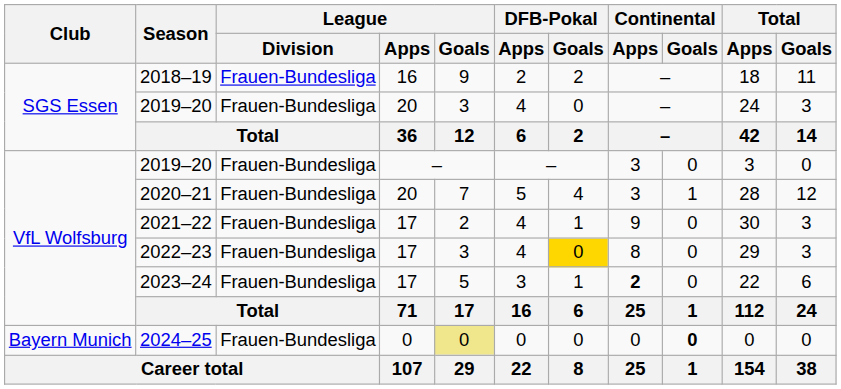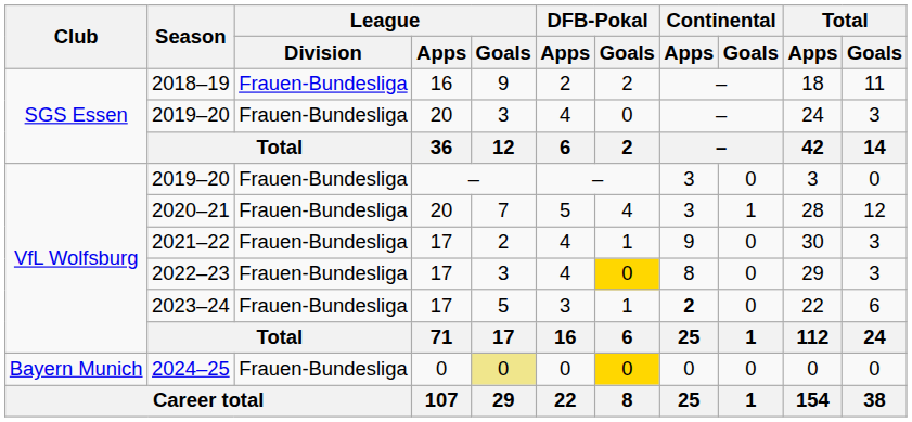 <table class="wikitable" style="text-align:center">
 <tr>
 <th rowspan="2">Club</th>
 <th rowspan="2">Season</th>
 <th colspan="3">League</th>
 <th colspan="2">DFB-Pokal</th>
 <th colspan="2">Continental</th>
 <th colspan="2">Total</th>
 </tr>
 <tr>
 <th>Division</th>
 <th>Apps</th>
 <th>Goals</th>
 <th>Apps</th>
 <th>Goals</th>
 <th>Apps</th>
 <th>Goals</th>
 <th>Apps</th>
 <th>Goals</th>
 </tr>
 <tr>
 <td rowspan="3"><a href='#'>SGS Essen</a></td>
 <td>2018–19</td>
 <td><a href='#'>Frauen-Bundesliga</a></td>
 <td>16</td>
 <td>9</td>
 <td>2</td>
 <td>2</td>
 <td colspan="2">–</td>
 <td>18</td>
 <td>11</td>
 </tr>
 <tr>
 <td>2019–20</td>
 <td>Frauen-Bundesliga</td>
 <td>20</td>
 <td>3</td>
 <td>4</td>
 <td>0</td>
 <td colspan="2">–</td>
 <td>24</td>
 <td>3</td>
 </tr>
 <tr>
 <th colspan="2">Total</th>
 <th>36</th>
 <th>12</th>
 <th>6</th>
 <th>2</th>
 <th colspan="2">–</th>
 <th>42</th>
 <th>14</th>
 </tr>
 <tr>
 <td rowspan="6"><a href='#'>VfL Wolfsburg</a></td>
 <td>2019–20</td>
 <td>Frauen-Bundesliga</td>
 <td colspan="2">–</td>
 <td colspan="2">–</td>
 <td>3</td>
 <td>0</td>
 <td>3</td>
 <td>0</td>
 </tr>
 <tr>
 <td>2020–21</td>
 <td>Frauen-Bundesliga</td>
 <td>20</td>
 <td>7</td>
 <td>5</td>
 <td>4</td>
 <td>3</td>
 <td>1</td>
 <td>28</td>
 <td>12</td>
 </tr>
 <tr>
 <td>2021–22</td>
 <td>Frauen-Bundesliga</td>
 <td>17</td>
 <td>2</td>
 <td>4</td>
 <td>1</td>
 <td>9</td>
 <td>0</td>
 <td>30</td>
 <td>3</td>
 </tr>
 <tr>
 <td>2022–23</td>
 <td>Frauen-Bundesliga</td>
 <td>17</td>
 <td>3</td>
 <td>4</td>
 <td style="background: gold;">0</td>
 <td>8</td>
 <td>0</td>
 <td>29</td>
 <td>3</td>
 </tr>
 <tr>
 <td>2023–24</td>
 <td>Frauen-Bundesliga</td>
 <td>17</td>
 <td>5</td>
 <td>3</td>
 <td>1</td>
 <td><strong>2</strong></td>
 <td>0</td>
 <td>22</td>
 <td>6</td>
 </tr>
 <tr>
 <th colspan="2">Total</th>
 <th>71</th>
 <th>17</th>
 <th>16</th>
 <th>6</th>
 <th>25</th>
 <th>1</th>
 <th>112</th>
 <th>24</th>
 </tr>
 <tr>
 <td rowspan="1"><a href='#'>Bayern Munich</a></td>
 <td><a href='#'>2024–25</a></td>
 <td>Frauen-Bundesliga</td>
 <td>0</td>
 <td style="background: khaki;">0</td>
 <td>0</td>
+<td style="background: gold;">0</td>
 <td>0</td>
 <td>0</td>
-<td><strong>0</strong></td>
 <td>0</td>
 <td>0</td>
 </tr>
 <tr>
 <th colspan="3">Career total</th>
 <th>107</th>
 <th>29</th>
 <th>22</th>
 <th>8</th>
 <th>25</th>
 <th>1</th>
 <th>154</th>
 <th>38</th>
 </tr>
 </table>
